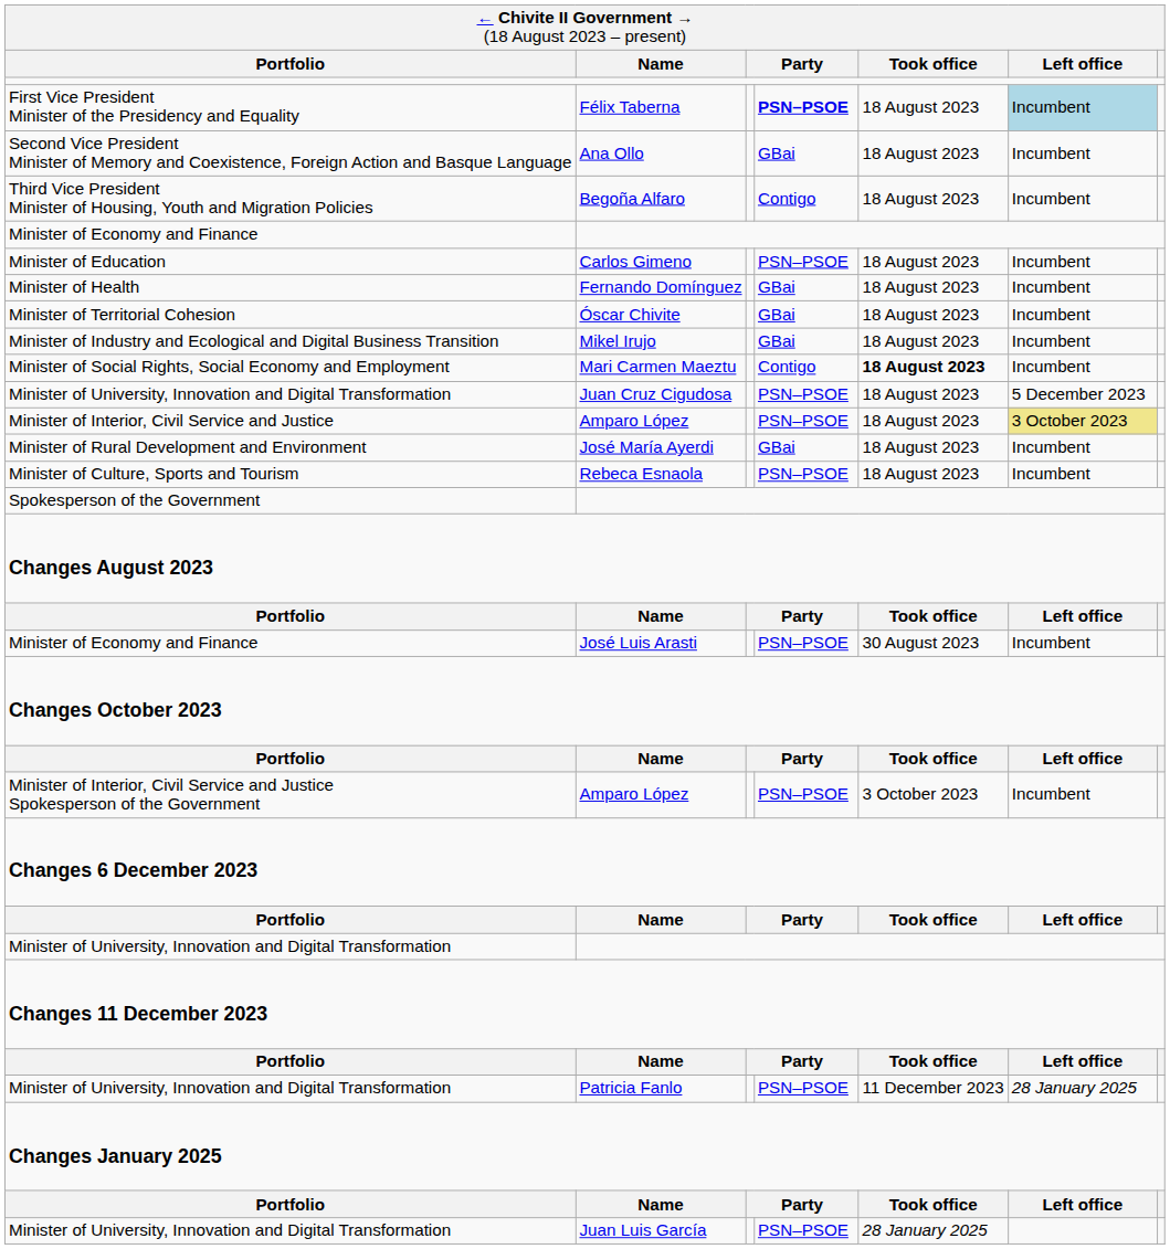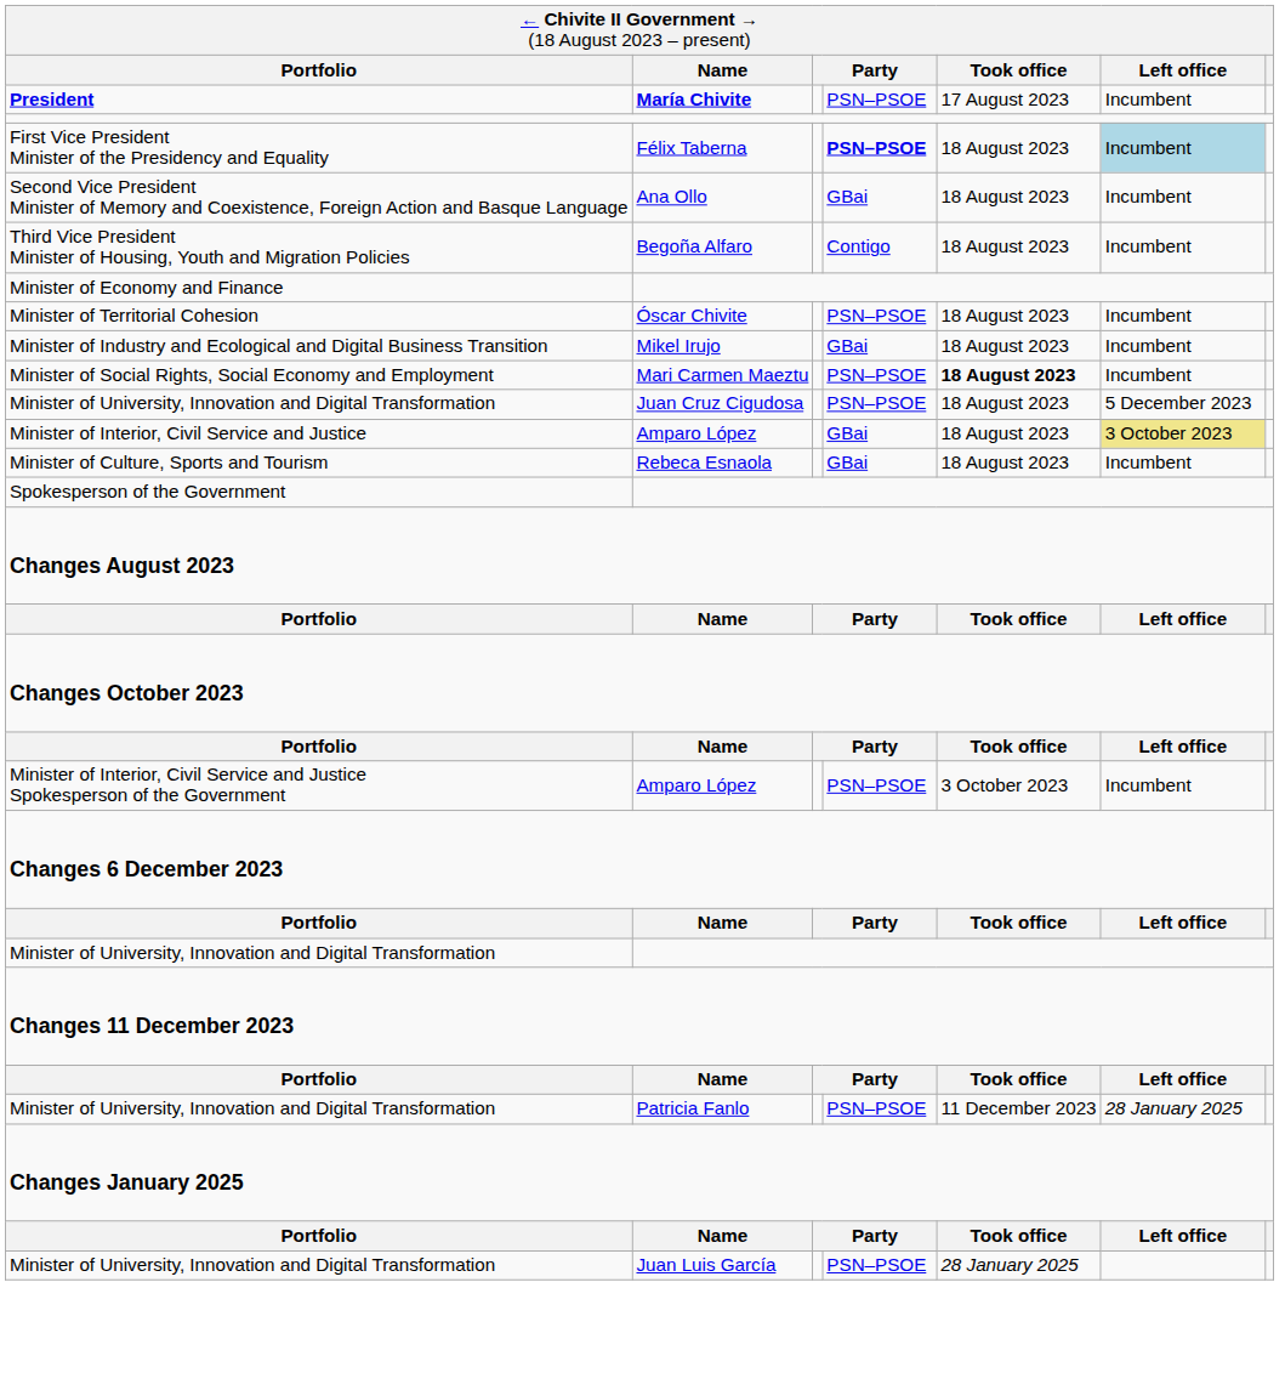 <table class="wikitable">
 <tr>
 <td colspan="7" bgcolor="#F2F2F2" align="center"><a href='#'>←</a> <strong>Chivite II Government</strong> →<br>(18 August 2023 – present)</td>
 </tr>
 <tr>
 <th>Portfolio</th>
 <th>Name</th>
 <th width="100px" colspan="2">Party</th>
 <th width="135px">Took office</th>
 <th width="135px">Left office</th>
 <th></th>
+</tr>
+<tr>
+<td><strong><a href='#'>President</a></strong></td>
+<td><strong><a href='#'>María Chivite</a></strong></td>
+<td width="1" style="color:inherit;background:"></td>
+<td><a href='#'>PSN–PSOE</a></td>
+<td>17 August 2023</td>
+<td>Incumbent</td>
+<td align="center"></td>
 </tr>
 <tr>
 <td colspan="7"></td>
 </tr>
 <tr>
 <td>First Vice President<br>Minister of the Presidency and Equality</td>
 <td><a href='#'>Félix Taberna</a></td>
 <td style="color:inherit;background:"></td>
 <td><strong><a href='#'>PSN–PSOE</a></strong></td>
 <td>18 August 2023</td>
 <td style="background: lightblue;">Incumbent</td>
 <td align="center"><br></td>
 </tr>
 <tr>
 <td>Second Vice President<br>Minister of Memory and Coexistence, Foreign Action and Basque Language</td>
 <td><a href='#'>Ana Ollo</a></td>
 <td style="color:inherit;background:"></td>
 <td><a href='#'>GBai</a> </td>
 <td>18 August 2023</td>
 <td>Incumbent</td>
 <td align="center"><br></td>
 </tr>
 <tr>
 <td>Third Vice President<br>Minister of Housing, Youth and Migration Policies</td>
 <td><a href='#'>Begoña Alfaro</a></td>
 <td style="color:inherit;background:"></td>
 <td><a href='#'>Contigo</a> </td>
 <td>18 August 2023</td>
 <td>Incumbent</td>
 <td align="center"><br></td>
 </tr>
 <tr>
 <td>Minister of Economy and Finance</td>
 <td colspan="6"></td>
 </tr>
 <tr>
-<td>Minister of Education</td>
-<td><a href='#'>Carlos Gimeno</a></td>
-<td style="color:inherit;background:"></td>
-<td><a href='#'>PSN–PSOE</a></td>
-<td>18 August 2023</td>
-<td>Incumbent</td>
-<td align="center"></td>
-</tr>
-<tr>
-<td>Minister of Health</td>
-<td><a href='#'>Fernando Domínguez</a></td>
-<td style="color:inherit;background:"></td>
-<td><a href='#'>GBai</a> </td>
-<td>18 August 2023</td>
-<td>Incumbent</td>
-<td align="center"></td>
-</tr>
-<tr>
 <td>Minister of Territorial Cohesion</td>
 <td><a href='#'>Óscar Chivite</a></td>
 <td style="color:inherit;background:"></td>
-<td><a href='#'>GBai</a> </td>
+<td><a href='#'>PSN–PSOE</a></td>
 <td>18 August 2023</td>
 <td>Incumbent</td>
 <td align="center"></td>
 </tr>
 <tr>
 <td>Minister of Industry and Ecological and Digital Business Transition</td>
 <td><a href='#'>Mikel Irujo</a></td>
 <td style="color:inherit;background:"></td>
 <td><a href='#'>GBai</a> </td>
 <td>18 August 2023</td>
 <td>Incumbent</td>
 <td align="center"></td>
 </tr>
 <tr>
 <td>Minister of Social Rights, Social Economy and Employment</td>
 <td><a href='#'>Mari Carmen Maeztu</a></td>
 <td style="color:inherit;background:"></td>
-<td><a href='#'>Contigo</a> </td>
+<td><a href='#'>PSN–PSOE</a></td>
 <td><strong>18 August 2023</strong></td>
 <td>Incumbent</td>
 <td align="center"></td>
 </tr>
 <tr>
 <td>Minister of University, Innovation and Digital Transformation</td>
 <td><a href='#'>Juan Cruz Cigudosa</a></td>
 <td style="color:inherit;background:"></td>
 <td><a href='#'>PSN–PSOE</a></td>
 <td>18 August 2023</td>
 <td>5 December 2023</td>
 <td align="center"></td>
 </tr>
 <tr>
 <td>Minister of Interior, Civil Service and Justice</td>
 <td><a href='#'>Amparo López</a></td>
 <td style="color:inherit;background:"></td>
-<td><a href='#'>PSN–PSOE</a></td>
+<td><a href='#'>GBai</a> </td>
 <td>18 August 2023</td>
 <td style="background: khaki;">3 October 2023</td>
-<td align="center"></td>
-</tr>
-<tr>
-<td>Minister of Rural Development and Environment</td>
-<td><a href='#'>José María Ayerdi</a></td>
-<td style="color:inherit;background:"></td>
-<td><a href='#'>GBai</a> </td>
-<td>18 August 2023</td>
-<td>Incumbent</td>
 <td align="center"></td>
 </tr>
 <tr>
 <td>Minister of Culture, Sports and Tourism</td>
 <td><a href='#'>Rebeca Esnaola</a></td>
 <td style="color:inherit;background:"></td>
-<td><a href='#'>PSN–PSOE</a> </td>
+<td><a href='#'>GBai</a> </td>
 <td>18 August 2023</td>
 <td>Incumbent</td>
 <td align="center"></td>
 </tr>
 <tr>
 <td>Spokesperson of the Government</td>
 <td colspan="6"></td>
 </tr>
 <tr>
 <td colspan="7"><br><h3>Changes August 2023</h3></td>
 </tr>
 <tr>
 <th>Portfolio</th>
 <th>Name</th>
 <th colspan="2">Party</th>
 <th>Took office</th>
 <th>Left office</th>
 <th></th>
-</tr>
-<tr>
-<td>Minister of Economy and Finance</td>
-<td><a href='#'>José Luis Arasti</a></td>
-<td style="color:inherit;background:"></td>
-<td><a href='#'>PSN–PSOE</a></td>
-<td>30 August 2023</td>
-<td>Incumbent</td>
-<td align="center"></td>
 </tr>
 <tr>
 <td colspan="7"><br><h3>Changes October 2023</h3></td>
 </tr>
 <tr>
 <th>Portfolio</th>
 <th>Name</th>
 <th colspan="2">Party</th>
 <th>Took office</th>
 <th>Left office</th>
 <th></th>
 </tr>
 <tr>
 <td>Minister of Interior, Civil Service and Justice<br>Spokesperson of the Government</td>
 <td><a href='#'>Amparo López</a></td>
 <td style="color:inherit;background:"></td>
 <td><a href='#'>PSN–PSOE</a></td>
 <td>3 October 2023</td>
 <td>Incumbent</td>
 <td align="center"></td>
 </tr>
 <tr>
 <td colspan="7"><br><h3>Changes 6 December 2023</h3></td>
 </tr>
 <tr>
 <th>Portfolio</th>
 <th>Name</th>
 <th colspan="2">Party</th>
 <th>Took office</th>
 <th>Left office</th>
 <th></th>
 </tr>
 <tr>
 <td>Minister of University, Innovation and Digital Transformation</td>
 <td colspan="6"></td>
 </tr>
 <tr>
 <td colspan="7"><br><h3>Changes 11 December 2023</h3></td>
 </tr>
 <tr>
 <th>Portfolio</th>
 <th>Name</th>
 <th colspan="2">Party</th>
 <th>Took office</th>
 <th>Left office</th>
 <th></th>
 </tr>
 <tr>
 <td>Minister of University, Innovation and Digital Transformation</td>
 <td><a href='#'>Patricia Fanlo</a></td>
 <td style="color:inherit;background:"></td>
 <td><a href='#'>PSN–PSOE</a></td>
 <td>11 December 2023</td>
 <td><em>28 January 2025</em></td>
 <td align="center"></td>
 </tr>
 <tr>
 <td colspan="7"><br><h3>Changes January 2025</h3></td>
 </tr>
 <tr>
 <th>Portfolio</th>
 <th>Name</th>
 <th colspan="2">Party</th>
 <th>Took office</th>
 <th>Left office</th>
 <th></th>
 </tr>
 <tr>
 <td>Minister of University, Innovation and Digital Transformation</td>
 <td><a href='#'>Juan Luis García</a></td>
 <td style="color:inherit;background:"></td>
 <td><a href='#'>PSN–PSOE</a></td>
 <td><em>28 January 2025</em></td>
 <td></td>
 <td align="center"></td>
 </tr>
 </table>
